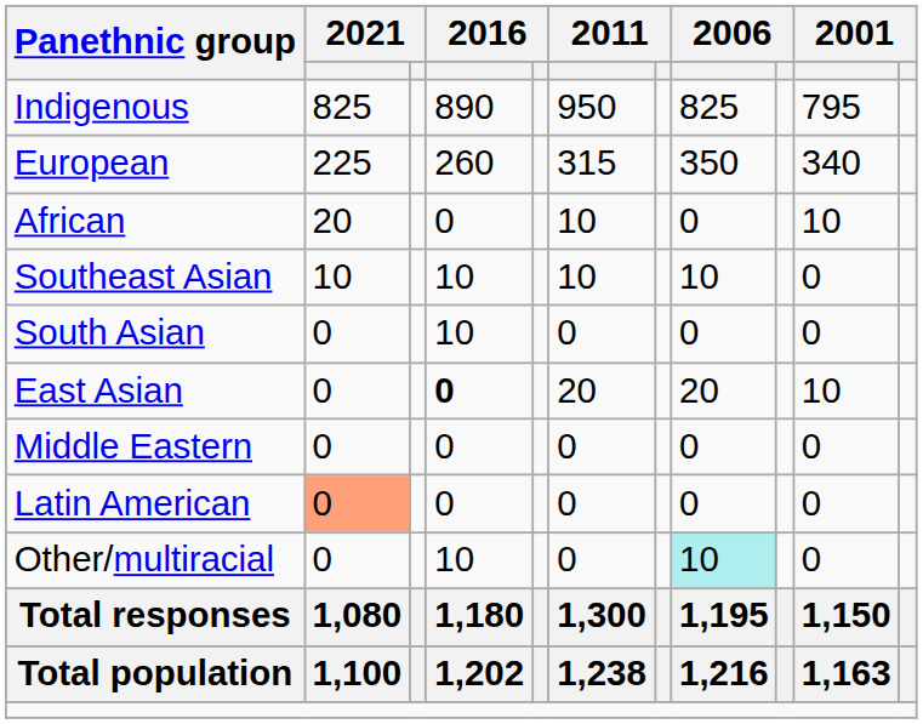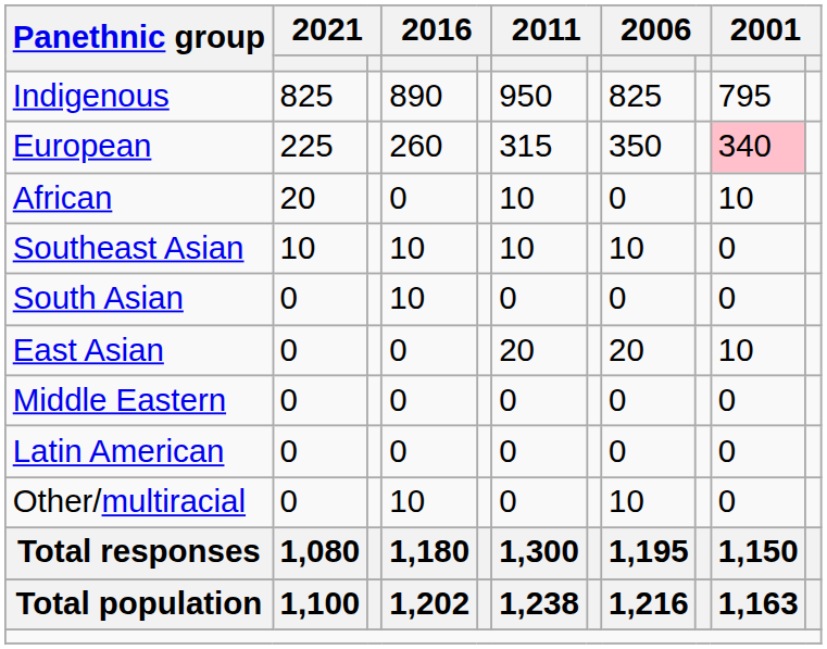 <table class="wikitable collapsible sortable">
 <tr>
 <th rowspan="2"><a href='#'>Panethnic</a> group</th>
 <th colspan="2">2021</th>
 <th colspan="2">2016</th>
 <th colspan="2">2011</th>
 <th colspan="2">2006</th>
 <th colspan="2">2001</th>
 </tr>
 <tr>
 <th><a href='#'></a></th>
 <th></th>
 <th></th>
 <th></th>
 <th></th>
 <th></th>
 <th></th>
 <th></th>
 <th></th>
 <th></th>
 </tr>
 <tr>
 <td><a href='#'>Indigenous</a></td>
 <td>825</td>
 <td></td>
 <td>890</td>
 <td></td>
 <td>950</td>
 <td></td>
 <td>825</td>
 <td></td>
 <td>795</td>
 <td></td>
 </tr>
 <tr>
 <td><a href='#'>European</a></td>
 <td>225</td>
 <td></td>
 <td>260</td>
 <td></td>
 <td>315</td>
 <td></td>
 <td>350</td>
 <td></td>
-<td>340</td>
+<td style="background: pink;">340</td>
 <td></td>
 </tr>
 <tr>
 <td><a href='#'>African</a></td>
 <td>20</td>
 <td></td>
 <td>0</td>
 <td></td>
 <td>10</td>
 <td></td>
 <td>0</td>
 <td></td>
 <td>10</td>
 <td></td>
 </tr>
 <tr>
 <td><a href='#'>Southeast Asian</a></td>
 <td>10</td>
 <td></td>
 <td>10</td>
 <td></td>
 <td>10</td>
 <td></td>
 <td>10</td>
 <td></td>
 <td>0</td>
 <td></td>
 </tr>
 <tr>
 <td><a href='#'>South Asian</a></td>
 <td>0</td>
 <td></td>
 <td>10</td>
 <td></td>
 <td>0</td>
 <td></td>
 <td>0</td>
 <td></td>
 <td>0</td>
 <td></td>
 </tr>
 <tr>
 <td><a href='#'>East Asian</a></td>
 <td>0</td>
 <td></td>
-<td><strong>0</strong></td>
+<td>0</td>
 <td></td>
 <td>20</td>
 <td></td>
 <td>20</td>
 <td></td>
 <td>10</td>
 <td></td>
 </tr>
 <tr>
 <td><a href='#'>Middle Eastern</a></td>
 <td>0</td>
 <td></td>
 <td>0</td>
 <td></td>
 <td>0</td>
 <td></td>
 <td>0</td>
 <td></td>
 <td>0</td>
 <td></td>
 </tr>
 <tr>
 <td><a href='#'>Latin American</a></td>
-<td style="background: lightsalmon;">0</td>
+<td>0</td>
 <td></td>
 <td>0</td>
 <td></td>
 <td>0</td>
 <td></td>
 <td>0</td>
 <td></td>
 <td>0</td>
 <td></td>
 </tr>
 <tr>
 <td>Other/<a href='#'>multiracial</a></td>
 <td>0</td>
 <td></td>
 <td>10</td>
 <td></td>
 <td>0</td>
 <td></td>
-<td style="background: paleturquoise;">10</td>
+<td>10</td>
 <td></td>
 <td>0</td>
 <td></td>
 </tr>
 <tr>
 <th>Total responses</th>
 <th>1,080</th>
 <th></th>
 <th>1,180</th>
 <th></th>
 <th>1,300</th>
 <th></th>
 <th>1,195</th>
 <th></th>
 <th>1,150</th>
 <th></th>
 </tr>
 <tr class="sortbottom">
 <th>Total population</th>
 <th>1,100</th>
 <th></th>
 <th>1,202</th>
 <th></th>
 <th>1,238</th>
 <th></th>
 <th>1,216</th>
 <th></th>
 <th>1,163</th>
 <th></th>
 </tr>
 <tr class="sortbottom">
 <td colspan="11"></td>
 </tr>
 </table>
